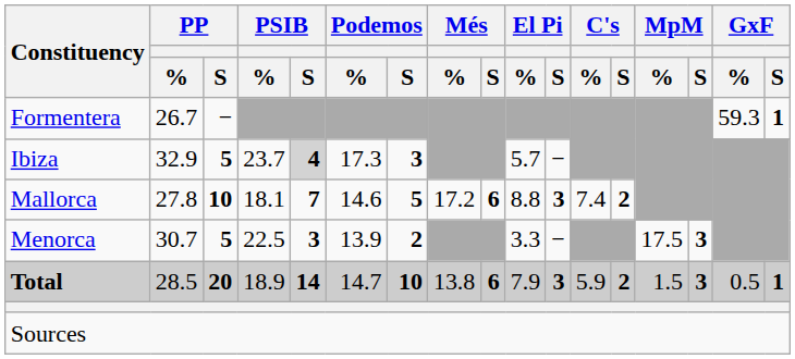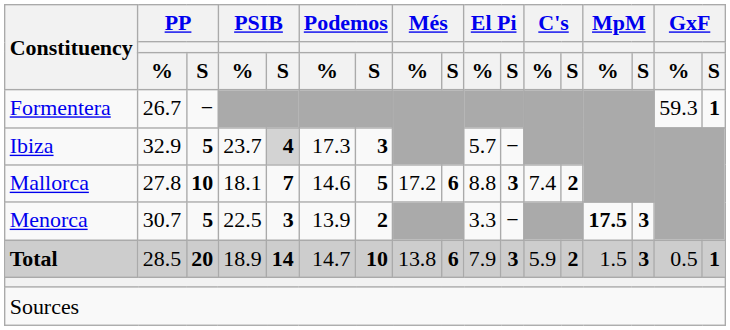 <table class="wikitable sortable" style="text-align:right; line-height:20px;">
 <tr>
 <th rowspan="3">Constituency</th>
 <th colspan="2" width="30px" class="unsortable"><a href='#'>PP</a></th>
 <th colspan="2" width="30px" class="unsortable"><a href='#'>PSIB</a></th>
 <th colspan="2" width="30px" class="unsortable"><a href='#'>Podemos</a></th>
 <th colspan="2" width="30px" class="unsortable"><a href='#'>Més</a></th>
 <th colspan="2" width="30px" class="unsortable"><a href='#'>El Pi</a></th>
 <th colspan="2" width="30px" class="unsortable"><a href='#'>C's</a></th>
 <th colspan="2" width="30px" class="unsortable"><a href='#'>MpM</a></th>
 <th colspan="2" width="30px" class="unsortable"><a href='#'>GxF</a></th>
 </tr>
 <tr>
 <th colspan="2" style="background:"></th>
 <th colspan="2" style="background:"></th>
 <th colspan="2" style="background:"></th>
 <th colspan="2" style="background:"></th>
 <th colspan="2" style="background:"></th>
 <th colspan="2" style="background:"></th>
 <th colspan="2" style="background:"></th>
 <th colspan="2" style="background:"></th>
 </tr>
 <tr>
 <th data-sort-type="number">%</th>
 <th data-sort-type="number">S</th>
 <th data-sort-type="number">%</th>
 <th data-sort-type="number">S</th>
 <th data-sort-type="number">%</th>
 <th data-sort-type="number">S</th>
 <th data-sort-type="number">%</th>
 <th data-sort-type="number">S</th>
 <th data-sort-type="number">%</th>
 <th data-sort-type="number">S</th>
 <th data-sort-type="number">%</th>
 <th data-sort-type="number">S</th>
 <th data-sort-type="number">%</th>
 <th data-sort-type="number">S</th>
 <th data-sort-type="number">%</th>
 <th data-sort-type="number">S</th>
 </tr>
 <tr>
 <td align="left"><a href='#'>Formentera</a></td>
 <td>26.7</td>
 <td>−</td>
 <td colspan="2" bgcolor="#AAAAAA"></td>
 <td colspan="2" bgcolor="#AAAAAA"></td>
 <td colspan="2" rowspan="2" bgcolor="#AAAAAA"></td>
 <td colspan="2" bgcolor="#AAAAAA"></td>
 <td colspan="2" rowspan="2" bgcolor="#AAAAAA"></td>
 <td colspan="2" rowspan="3" bgcolor="#AAAAAA"></td>
 <td style="background:">59.3</td>
 <td><strong>1</strong></td>
 </tr>
 <tr>
 <td align="left"><a href='#'>Ibiza</a></td>
 <td style="background:">32.9</td>
 <td><strong>5</strong></td>
 <td>23.7</td>
 <td style="background: lightgrey;"><strong>4</strong></td>
 <td>17.3</td>
 <td><strong>3</strong></td>
 <td>5.7</td>
 <td>−</td>
 <td colspan="2" rowspan="3" bgcolor="#AAAAAA"></td>
 </tr>
 <tr>
 <td align="left"><a href='#'>Mallorca</a></td>
 <td style="background:">27.8</td>
 <td><strong>10</strong></td>
 <td>18.1</td>
 <td><strong>7</strong></td>
 <td>14.6</td>
 <td><strong>5</strong></td>
 <td>17.2</td>
 <td><strong>6</strong></td>
 <td>8.8</td>
 <td><strong>3</strong></td>
 <td>7.4</td>
 <td><strong>2</strong></td>
 </tr>
 <tr>
 <td align="left"><a href='#'>Menorca</a></td>
 <td style="background:">30.7</td>
 <td><strong>5</strong></td>
 <td>22.5</td>
 <td><strong>3</strong></td>
 <td>13.9</td>
 <td><strong>2</strong></td>
 <td colspan="2" bgcolor="#AAAAAA"></td>
 <td>3.3</td>
 <td>−</td>
 <td colspan="2" bgcolor="#AAAAAA"></td>
-<td>17.5</td>
+<td><strong>17.5</strong></td>
 <td><strong>3</strong></td>
 </tr>
 <tr style="background:#CDCDCD;">
 <td align="left"><strong>Total</strong></td>
 <td style="background:">28.5</td>
 <td><strong>20</strong></td>
 <td>18.9</td>
 <td><strong>14</strong></td>
 <td>14.7</td>
 <td><strong>10</strong></td>
 <td>13.8</td>
 <td><strong>6</strong></td>
 <td>7.9</td>
 <td><strong>3</strong></td>
 <td>5.9</td>
 <td><strong>2</strong></td>
 <td>1.5</td>
 <td><strong>3</strong></td>
 <td>0.5</td>
 <td><strong>1</strong></td>
 </tr>
 <tr>
 <th colspan="17"></th>
 </tr>
 <tr>
 <th style="text-align:left; font-weight:normal; background:#F9F9F9" colspan="17">Sources</th>
 </tr>
 </table>
